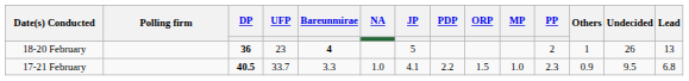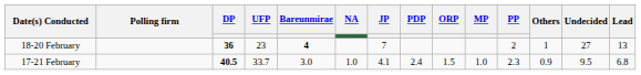 <table class="wikitable sortable" style="text-align:center; font-size:85%; line-height:16px; margin:0;">
 <tr style="height:42px; background-color:#E9E9E9; border 1px solid #aaaaaa;">
 <th style="width:125px;" rowspan="2">Date(s) Conducted</th>
 <th style="width:160px;" rowspan="2">Polling firm</th>
 <th class="unsortable" style="width:40px;"><a href='#'>DP</a></th>
 <th class="unsortable" style="width:40px;"><a href='#'>UFP</a></th>
 <th class="unsortable" style="width:40px;"><a href='#'>Bareunmirae</a></th>
 <th class="unsortable" style="width:40px;"><a href='#'>NA</a></th>
 <th class="unsortable" style="width:40px;"><a href='#'>JP</a></th>
 <th class="unsortable" style="width:40px;"><a href='#'>PDP</a></th>
 <th class="unsortable" style="width:40px;"><a href='#'>ORP</a></th>
 <th class="unsortable" style="width:40px;"><a href='#'>MP</a></th>
 <th class="unsortable" style="width:40px;"><a href='#'>PP</a></th>
 <th style="width:30px;" rowspan="2" class="unsortable">Others</th>
 <th style="width:30px;" rowspan="2" class="unsortable">Undecided</th>
 <th style="width:30px;" rowspan="2" class="unsortable">Lead</th>
 </tr>
 <tr>
 <th style="background:"></th>
 <th style="background:"></th>
 <th style="background:"></th>
 <th style="background:#236736"></th>
 <th style="background:"></th>
 <th style="background:"></th>
 <th style="background:"></th>
 <th style="background:"></th>
 <th style="background:"></th>
 </tr>
 <tr>
 <td data-sort-value="2020-02-21">18-20 February</td>
 <td></td>
 <td><strong>36</strong></td>
 <td>23</td>
 <td><strong>4</strong></td>
 <td></td>
-<td>5</td>
+<td>7</td>
 <td></td>
 <td></td>
 <td></td>
 <td>2</td>
 <td>1</td>
-<td>26</td>
+<td>27</td>
 <td style="background:">13</td>
 </tr>
 <tr>
 <td data-sort-value="2020-02-24">17-21 February</td>
 <td></td>
 <td><strong>40.5</strong></td>
 <td>33.7</td>
-<td>3.3</td>
+<td>3.0</td>
 <td>1.0</td>
 <td>4.1</td>
-<td>2.2</td>
+<td>2.4</td>
 <td>1.5</td>
 <td>1.0</td>
 <td>2.3</td>
 <td>0.9</td>
 <td>9.5</td>
 <td style="background:">6.8</td>
 </tr>
 </table>
